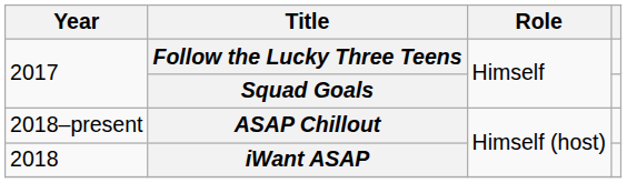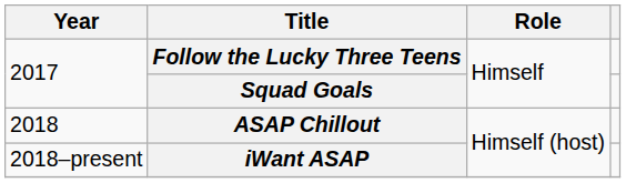 <table class="wikitable sortable plainrowheaders">
 <tr>
 <th scope="col">Year</th>
 <th scope="col">Title</th>
 <th scope="col">Role</th>
 <th scope="col" class="unsortable"></th>
 </tr>
 <tr>
 <td rowspan="2">2017</td>
 <th scope="row"><em>Follow the Lucky Three Teens</em></th>
 <td rowspan="2">Himself</td>
 <td style="text-align:center;"></td>
 </tr>
 <tr>
 <th scope="row"><em>Squad Goals</em></th>
 <td style="text-align:center;"></td>
 </tr>
 <tr>
-<td>2018–present</td>
+<td>2018</td>
 <th scope="row"><em>ASAP Chillout</em></th>
 <td rowspan="2">Himself (host)</td>
 <td style="text-align:center;"></td>
 </tr>
 <tr>
-<td>2018</td>
+<td>2018–present</td>
 <th scope="row"><em>iWant ASAP</em></th>
 <td style="text-align:center;"></td>
 </tr>
 <tr>
 </tr>
 </table>
